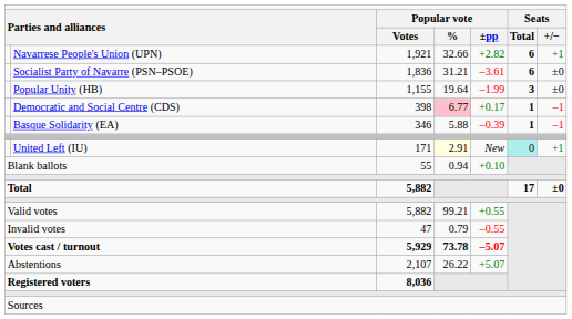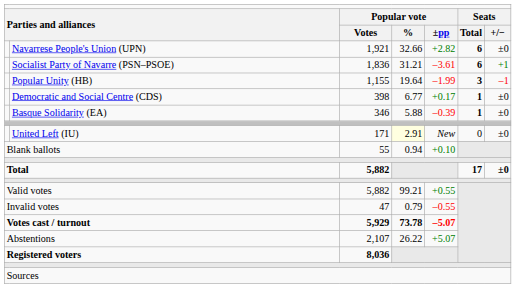 <table class="wikitable" style="text-align:right;">
 <tr>
 <td colspan="7"></td>
 </tr>
 <tr>
 <th style="text-align:left;" rowspan="2" colspan="2" width="525">Parties and alliances</th>
 <th colspan="3">Popular vote</th>
 <th colspan="2">Seats</th>
 </tr>
 <tr>
 <th width="75">Votes</th>
 <th width="45">%</th>
 <th width="45">±<a href='#'>pp</a></th>
 <th width="35">Total</th>
 <th width="35">+/−</th>
 </tr>
 <tr>
 <td width="1" style="color:inherit;background:"></td>
 <td align="left"><a href='#'>Navarrese People's Union</a> (UPN)</td>
 <td>1,921</td>
 <td>32.66</td>
 <td style="color:green;">+2.82</td>
 <td><strong>6</strong></td>
-<td style="color:green;">+1</td>
+<td>±0</td>
 </tr>
 <tr>
 <td style="color:inherit;background:"></td>
 <td align="left"><a href='#'>Socialist Party of Navarre</a> (PSN–PSOE)</td>
 <td>1,836</td>
 <td>31.21</td>
 <td style="color:red;">–3.61</td>
 <td><strong>6</strong></td>
-<td>±0</td>
+<td style="color:green;">+1</td>
 </tr>
 <tr>
 <td style="color:inherit;background:"></td>
 <td align="left"><a href='#'>Popular Unity</a> (HB)</td>
 <td>1,155</td>
 <td>19.64</td>
 <td style="color:red;">–1.99</td>
 <td><strong>3</strong></td>
-<td>±0</td>
+<td style="color:red;">–1</td>
 </tr>
 <tr>
 <td style="color:inherit;background:"></td>
 <td align="left"><a href='#'>Democratic and Social Centre</a> (CDS)</td>
 <td>398</td>
-<td style="background: pink;">6.77</td>
+<td>6.77</td>
 <td style="color:green;">+0.17</td>
 <td><strong>1</strong></td>
-<td style="color:red;">–1</td>
+<td>±0</td>
 </tr>
 <tr>
 <td style="color:inherit;background:"></td>
 <td align="left"><a href='#'>Basque Solidarity</a> (EA)</td>
 <td>346</td>
 <td>5.88</td>
 <td style="color:red;">–0.39</td>
 <td><strong>1</strong></td>
-<td style="color:red;">–1</td>
+<td>±0</td>
 </tr>
 <tr>
 <td colspan="7" bgcolor="#C0C0C0"></td>
 </tr>
 <tr>
 <td style="color:inherit;background:"></td>
 <td align="left"><a href='#'>United Left</a> (IU)</td>
 <td>171</td>
 <td style="background: lightyellow;">2.91</td>
 <td><em>New</em></td>
-<td style="background: paleturquoise;">0</td>
-<td style="color:green;">+1</td>
+<td>0</td>
+<td>±0</td>
 </tr>
 <tr>
 <td align="left" colspan="2">Blank ballots</td>
 <td>55</td>
 <td>0.94</td>
 <td style="color:green;">+0.10</td>
 <td bgcolor="#E9E9E9" colspan="2"></td>
 </tr>
 <tr>
 <td colspan="7" bgcolor="#E9E9E9"></td>
 </tr>
 <tr style="font-weight:bold;">
 <td align="left" colspan="2">Total</td>
 <td>5,882</td>
 <td bgcolor="#E9E9E9" colspan="2"></td>
 <td>17</td>
 <td>±0</td>
 </tr>
 <tr>
 <td colspan="7" bgcolor="#E9E9E9"></td>
 </tr>
 <tr>
 <td align="left" colspan="2">Valid votes</td>
 <td>5,882</td>
 <td>99.21</td>
 <td style="color:green;">+0.55</td>
 <td bgcolor="#E9E9E9" colspan="2" rowspan="5"></td>
 </tr>
 <tr>
 <td align="left" colspan="2">Invalid votes</td>
 <td>47</td>
 <td>0.79</td>
 <td style="color:red;">–0.55</td>
 </tr>
 <tr style="font-weight:bold;">
 <td align="left" colspan="2">Votes cast / turnout</td>
 <td>5,929</td>
 <td>73.78</td>
 <td style="color:red;">–5.07</td>
 </tr>
 <tr>
 <td align="left" colspan="2">Abstentions</td>
 <td>2,107</td>
 <td>26.22</td>
 <td style="color:green;">+5.07</td>
 </tr>
 <tr style="font-weight:bold;">
 <td align="left" colspan="2">Registered voters</td>
 <td>8,036</td>
 <td bgcolor="#E9E9E9" colspan="2"></td>
 </tr>
 <tr>
 <td colspan="7" bgcolor="#E9E9E9"></td>
 </tr>
 <tr>
 <td align="left" colspan="7">Sources</td>
 </tr>
 </table>
